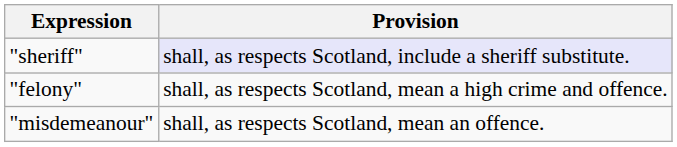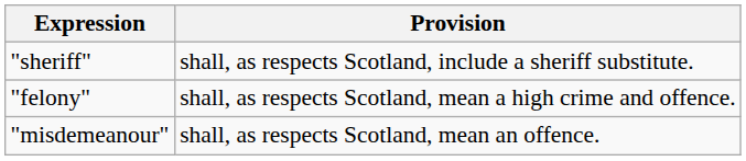 <table class="wikitable">
 <tr>
 <th>Expression</th>
 <th>Provision</th>
 </tr>
 <tr>
 <td>"sheriff"</td>
-<td style="background: lavender;">shall, as respects Scotland, include a sheriff substitute.</td>
+<td>shall, as respects Scotland, include a sheriff substitute.</td>
 </tr>
 <tr>
 <td>"felony"</td>
 <td>shall, as respects Scotland, mean a high crime and offence.</td>
 </tr>
 <tr>
 <td>"misdemeanour"</td>
 <td>shall, as respects Scotland, mean an offence.</td>
 </tr>
 </table>
